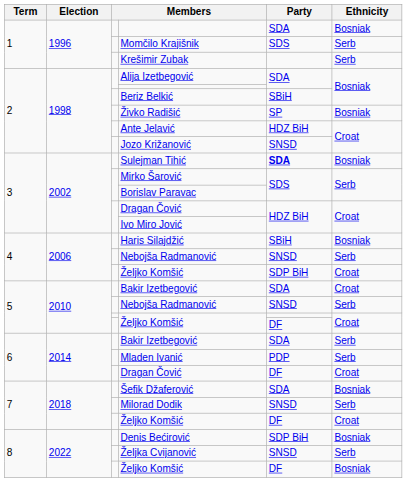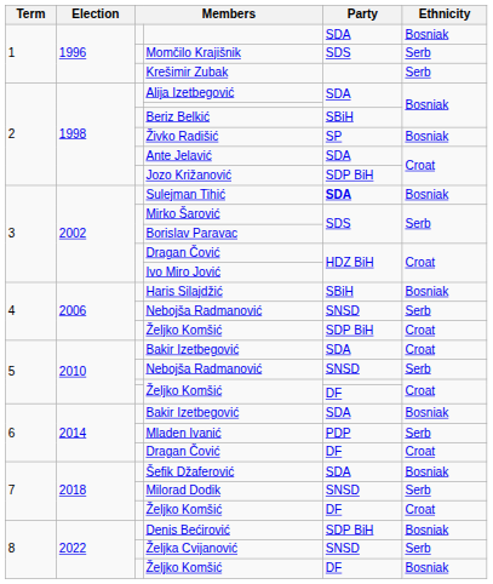 <table class="wikitable" style="text-align:left; font-size: 100%; width:50%">
 <tr>
 <th>Term</th>
 <th>Election</th>
 <th colspan="2">Members</th>
 <th>Party</th>
 <th>Ethnicity</th>
 </tr>
 <tr>
 <td rowspan=3>1 <br> </td>
 <td rowspan=3><a href='#'>1996</a></td>
 <td style="background-color: "></td>
 <td></td>
 <td><a href='#'>SDA</a></td>
 <td><a href='#'>Bosniak</a></td>
 </tr>
 <tr>
 <td style="background-color: "></td>
 <td><a href='#'>Momčilo Krajišnik</a></td>
 <td><a href='#'>SDS</a></td>
 <td><a href='#'>Serb</a></td>
 </tr>
 <tr>
 <td style="background-color: "></td>
 <td><a href='#'>Krešimir Zubak</a></td>
 <td></td>
 <td><a href='#'>Serb</a></td>
 </tr>
 <tr>
 <td rowspan=6>2 <br> </td>
 <td rowspan=6><a href='#'>1998</a></td>
 <td rowspan=2 style="background-color: "></td>
 <td><a href='#'>Alija Izetbegović</a> </td>
 <td rowspan=2><a href='#'>SDA</a></td>
 <td rowspan=3><a href='#'>Bosniak</a></td>
 </tr>
 <tr>
 <td></td>
 </tr>
 <tr>
 <td style="background-color: "></td>
 <td><a href='#'>Beriz Belkić</a> </td>
 <td><a href='#'>SBiH</a></td>
 </tr>
 <tr>
 <td style="background-color: "></td>
 <td><a href='#'>Živko Radišić</a></td>
 <td><a href='#'>SP</a></td>
 <td><a href='#'>Bosniak</a></td>
 </tr>
 <tr>
 <td style="background-color: "></td>
 <td><a href='#'>Ante Jelavić</a> </td>
-<td><a href='#'>HDZ BiH</a></td>
+<td><a href='#'>SDA</a></td>
 <td rowspan=2><a href='#'>Croat</a></td>
 </tr>
 <tr>
 <td style="background-color: "></td>
 <td><a href='#'>Jozo Križanović</a> </td>
-<td><a href='#'>SNSD</a></td>
+<td><a href='#'>SDP BiH</a></td>
 </tr>
 <tr>
 <td rowspan=5>3 <br> </td>
 <td rowspan=5><a href='#'>2002</a></td>
 <td style="background-color: "></td>
 <td><a href='#'>Sulejman Tihić</a></td>
 <td><strong><a href='#'>SDA</a></strong></td>
 <td><a href='#'>Bosniak</a></td>
 </tr>
 <tr>
 <td rowspan=2 style="background-color: "></td>
 <td><a href='#'>Mirko Šarović</a> </td>
 <td rowspan=2><a href='#'>SDS</a></td>
 <td rowspan=2><a href='#'>Serb</a></td>
 </tr>
 <tr>
 <td><a href='#'>Borislav Paravac</a> </td>
 </tr>
 <tr>
 <td rowspan=2 style="background-color: "></td>
 <td><a href='#'>Dragan Čović</a> </td>
 <td rowspan=2><a href='#'>HDZ BiH</a></td>
 <td rowspan=2><a href='#'>Croat</a></td>
 </tr>
 <tr>
 <td><a href='#'>Ivo Miro Jović</a> </td>
 </tr>
 <tr>
 <td rowspan=3>4 <br> </td>
 <td rowspan=3><a href='#'>2006</a></td>
 <td style="background-color: "></td>
 <td><a href='#'>Haris Silajdžić</a></td>
 <td><a href='#'>SBiH</a></td>
 <td><a href='#'>Bosniak</a></td>
 </tr>
 <tr>
 <td style="background-color: "></td>
 <td><a href='#'>Nebojša Radmanović</a></td>
 <td><a href='#'>SNSD</a></td>
 <td><a href='#'>Serb</a></td>
 </tr>
 <tr>
 <td style="background-color: "></td>
 <td><a href='#'>Željko Komšić</a></td>
 <td><a href='#'>SDP BiH</a></td>
 <td><a href='#'>Croat</a></td>
 </tr>
 <tr>
 <td rowspan=4>5 <br> </td>
 <td rowspan=4><a href='#'>2010</a></td>
 <td style="background-color: "></td>
 <td><a href='#'>Bakir Izetbegović</a></td>
 <td><a href='#'>SDA</a></td>
 <td><a href='#'>Croat</a></td>
 </tr>
 <tr>
 <td style="background-color: "></td>
 <td><a href='#'>Nebojša Radmanović</a></td>
 <td><a href='#'>SNSD</a></td>
 <td><a href='#'>Serb</a></td>
 </tr>
 <tr>
 <td style="background-color: "></td>
 <td rowspan=2><a href='#'>Željko Komšić</a></td>
 <td></td>
 <td rowspan=2><a href='#'>Croat</a></td>
 </tr>
 <tr>
 <td style="background-color: "></td>
 <td><a href='#'>DF</a>  </td>
 </tr>
 <tr>
 <td rowspan=3>6 <br> </td>
 <td rowspan=3><a href='#'>2014</a></td>
 <td style="background-color: "></td>
 <td><a href='#'>Bakir Izetbegović</a></td>
 <td><a href='#'>SDA</a></td>
-<td><a href='#'>Serb</a></td>
+<td><a href='#'>Bosniak</a></td>
 </tr>
 <tr>
 <td style="background-color: "></td>
 <td><a href='#'>Mladen Ivanić</a></td>
 <td><a href='#'>PDP</a></td>
 <td><a href='#'>Serb</a></td>
 </tr>
 <tr>
 <td style="background-color: "></td>
 <td><a href='#'>Dragan Čović</a></td>
 <td><a href='#'>DF</a></td>
 <td><a href='#'>Croat</a></td>
 </tr>
 <tr>
 <td rowspan=3>7 <br> </td>
 <td rowspan=3><a href='#'>2018</a></td>
 <td style="background-color: "></td>
 <td><a href='#'>Šefik Džaferović</a></td>
 <td><a href='#'>SDA</a></td>
 <td><a href='#'>Bosniak</a></td>
 </tr>
 <tr>
 <td style="background-color: "></td>
 <td><a href='#'>Milorad Dodik</a></td>
 <td><a href='#'>SNSD</a></td>
 <td><a href='#'>Serb</a></td>
 </tr>
 <tr>
 <td style="background-color: "></td>
 <td><a href='#'>Željko Komšić</a></td>
 <td><a href='#'>DF</a></td>
 <td><a href='#'>Croat</a></td>
 </tr>
 <tr>
 <td rowspan=3>8 <br> </td>
 <td rowspan=3><a href='#'>2022</a></td>
 <td style="background-color: "></td>
 <td><a href='#'>Denis Bećirović</a></td>
 <td><a href='#'>SDP BiH</a></td>
 <td><a href='#'>Bosniak</a></td>
 </tr>
 <tr>
 <td style="background-color: "></td>
 <td><a href='#'>Željka Cvijanović</a></td>
 <td><a href='#'>SNSD</a></td>
 <td><a href='#'>Serb</a></td>
 </tr>
 <tr>
 <td style="background-color: "></td>
 <td><a href='#'>Željko Komšić</a></td>
 <td><a href='#'>DF</a></td>
 <td><a href='#'>Bosniak</a></td>
 </tr>
 </table>
